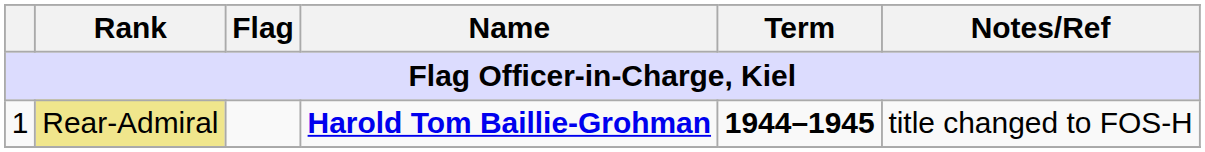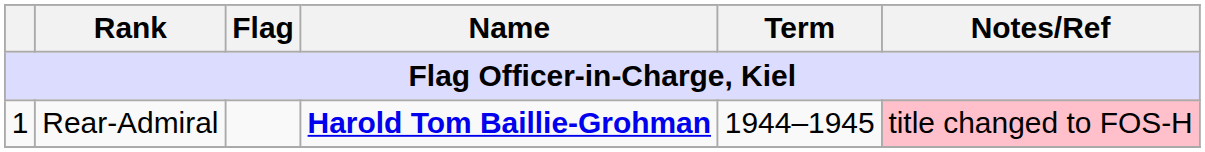 <table class="wikitable">
 <tr>
 <th></th>
 <th>Rank</th>
 <th>Flag</th>
 <th>Name</th>
 <th>Term</th>
 <th>Notes/Ref</th>
 </tr>
 <tr>
 <td colspan="6" align="center" style="background:#dcdcfe;"><strong>Flag Officer-in-Charge, Kiel</strong></td>
 </tr>
 <tr>
 <td>1</td>
-<td style="background: khaki;">Rear-Admiral</td>
+<td>Rear-Admiral</td>
 <td></td>
 <td><strong><a href='#'>Harold Tom Baillie-Grohman</a></strong></td>
-<td><strong>1944–1945</strong></td>
-<td> title changed to FOS-H</td>
+<td>1944–1945</td>
+<td style="background: pink;"> title changed to FOS-H</td>
 </tr>
 <tr>
 </tr>
 </table>
